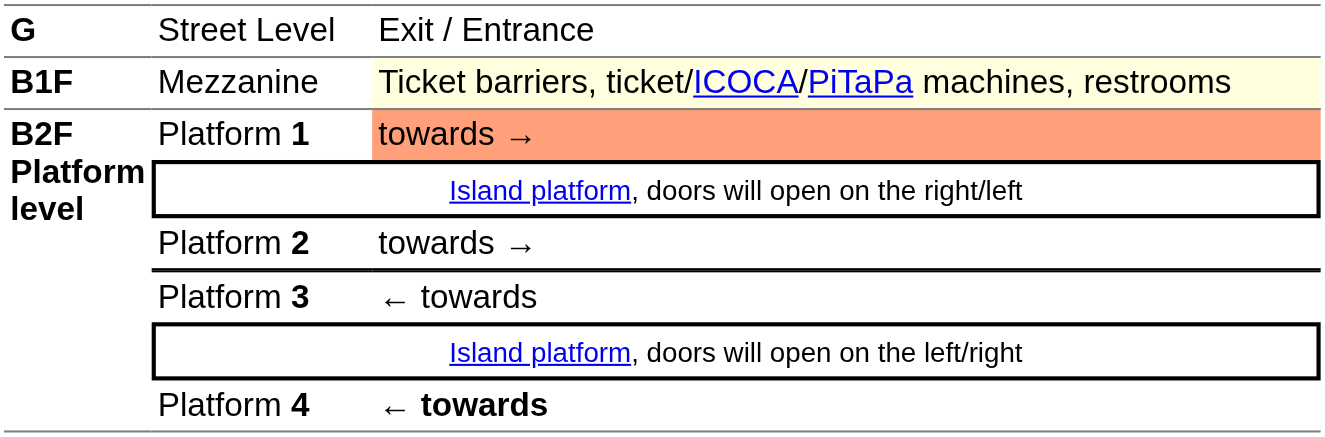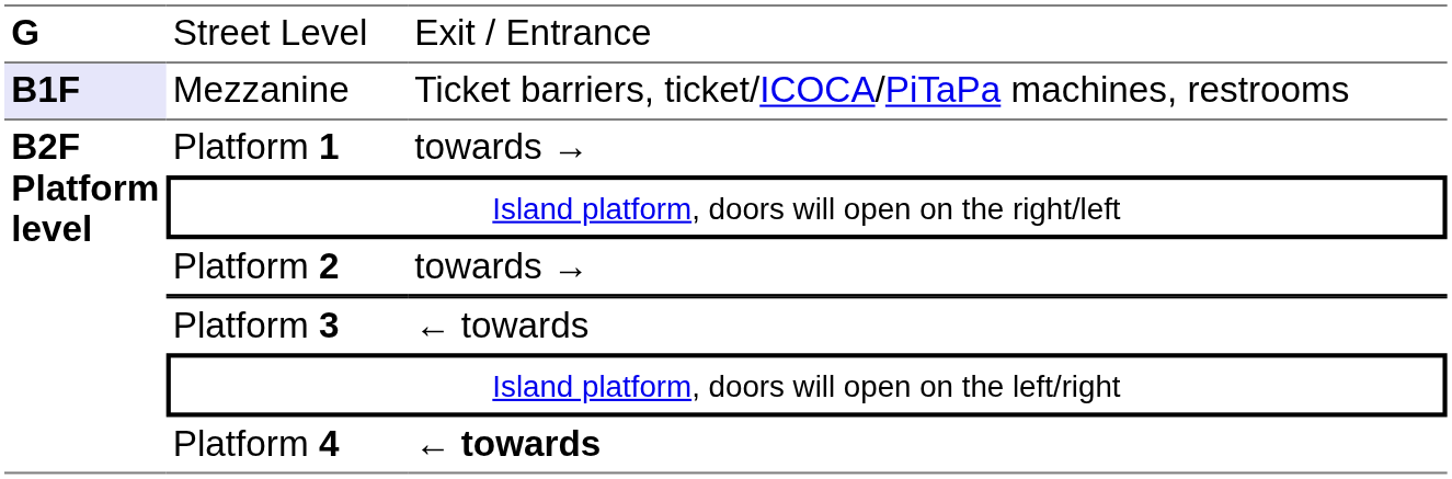 <table table border=0 cellspacing=0 cellpadding=3>
 <tr>
 <td style="border-bottom:solid 1px gray;border-top:solid 1px gray;" width=50 valign=top><strong>G</strong></td>
 <td style="border-top:solid 1px gray;border-bottom:solid 1px gray;" width=100 valign=top>Street Level</td>
 <td style="border-top:solid 1px gray;border-bottom:solid 1px gray;" width=450 valign=top>Exit / Entrance</td>
 </tr>
 <tr>
-<td width=50 valign=top><strong>B1F</strong></td>
+<td width=50 valign=top style="background: lavender;"><strong>B1F</strong></td>
 <td width=100 valign=top>Mezzanine</td>
-<td width=450 valign=top style="background: lightyellow;">Ticket barriers, ticket/<a href='#'>ICOCA</a>/<a href='#'>PiTaPa</a> machines, restrooms</td>
+<td width=450 valign=top>Ticket barriers, ticket/<a href='#'>ICOCA</a>/<a href='#'>PiTaPa</a> machines, restrooms</td>
 </tr>
 <tr>
 <td style="border-top:solid 1px gray;border-bottom:solid 1px gray;" width=50 rowspan=8 valign=top><strong>B2F<br>Platform level</strong></td>
 <td style="border-bottom:solid 0px gray;border-top:solid 1px gray;" width=100>Platform <span><strong>1</strong></span></td>
-<td style="background: lightsalmon; border-bottom:solid 0px gray;border-top:solid 1px gray;" width=450><strong></strong> towards   →</td>
+<td style="border-bottom:solid 0px gray;border-top:solid 1px gray;" width=450><strong></strong> towards   →</td>
 </tr>
 <tr>
 <td style="border-top:solid 2px black;border-right:solid 2px black;border-left:solid 2px black;border-bottom:solid 2px black;text-align:center;" colspan=2><small><a href='#'>Island platform</a>, doors will open on the right/left</small></td>
 </tr>
 <tr>
 <td style="border-bottom:solid 1px black;">Platform <span><strong>2</strong></span></td>
 <td style="border-bottom:solid 1px black;"><strong></strong> towards   →</td>
 </tr>
 <tr>
 <td style="border-top:solid 1px black;">Platform <span><strong>3</strong></span></td>
 <td style="border-top:solid 1px black;">← <strong></strong> towards  </td>
 </tr>
 <tr>
 <td style="border-top:solid 2px black;border-right:solid 2px black;border-left:solid 2px black;border-bottom:solid 2px black;text-align:center;" colspan=2><small><a href='#'>Island platform</a>, doors will open on the left/right</small></td>
 </tr>
 <tr>
 <td style="border-bottom:solid 1px gray;">Platform <span><strong>4</strong></span></td>
 <td style="border-bottom:solid 1px gray;"><strong>←  towards   <br> </strong></td>
 </tr>
 </table>
